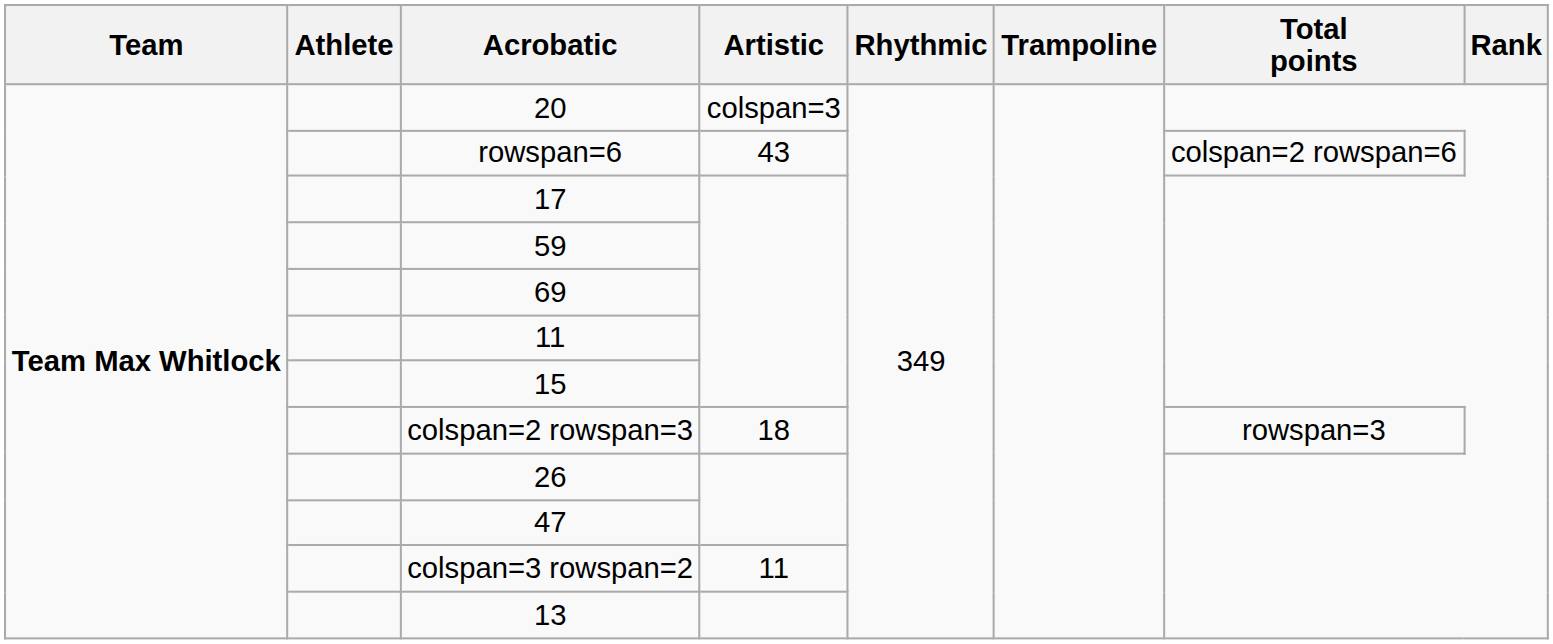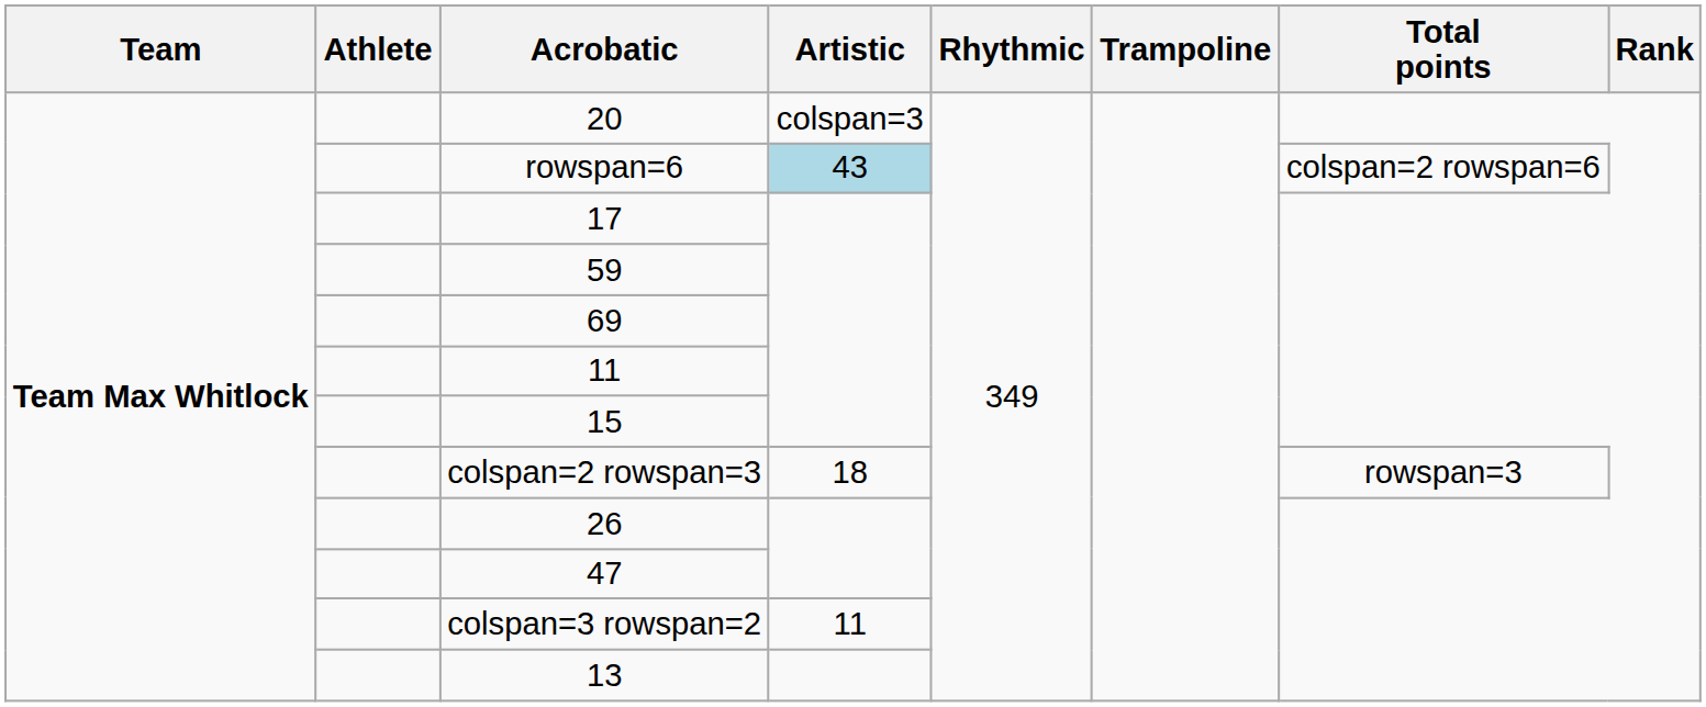 <table class="wikitable" style="font-size:90%">
 <tr>
 <th>Team</th>
 <th>Athlete</th>
 <th>Acrobatic</th>
 <th>Artistic</th>
 <th>Rhythmic</th>
 <th>Trampoline</th>
 <th>Total<br>points</th>
 <th>Rank</th>
 </tr>
 <tr align=center>
 <td rowspan=12><strong>Team Max Whitlock</strong></td>
 <td align=left><br></td>
 <td>20</td>
 <td>colspan=3 </td>
 <td rowspan=12>349</td>
 <td rowspan=12></td>
 </tr>
 <tr align=center>
 <td align=left></td>
 <td>rowspan=6 </td>
-<td>43</td>
+<td style="background: lightblue;">43</td>
 <td>colspan=2 rowspan=6 </td>
 </tr>
 <tr align=center>
 <td align=left></td>
 <td>17</td>
 </tr>
 <tr align=center>
 <td align=left></td>
 <td>59</td>
 </tr>
 <tr align=center>
 <td align=left></td>
 <td>69</td>
 </tr>
 <tr align=center>
 <td align=left></td>
 <td>11</td>
 </tr>
 <tr align=center>
 <td align=left></td>
 <td>15</td>
 </tr>
 <tr align=center>
 <td align=left></td>
 <td>colspan=2 rowspan=3 </td>
 <td>18</td>
 <td>rowspan=3 </td>
 </tr>
 <tr align=center>
 <td align=left></td>
 <td>26</td>
 </tr>
 <tr align=center>
 <td align=left></td>
 <td>47</td>
 </tr>
 <tr align=center>
 <td align=left></td>
 <td>colspan=3 rowspan=2 </td>
 <td>11</td>
 </tr>
 <tr align=center>
 <td align=left></td>
 <td>13</td>
 </tr>
 </table>
